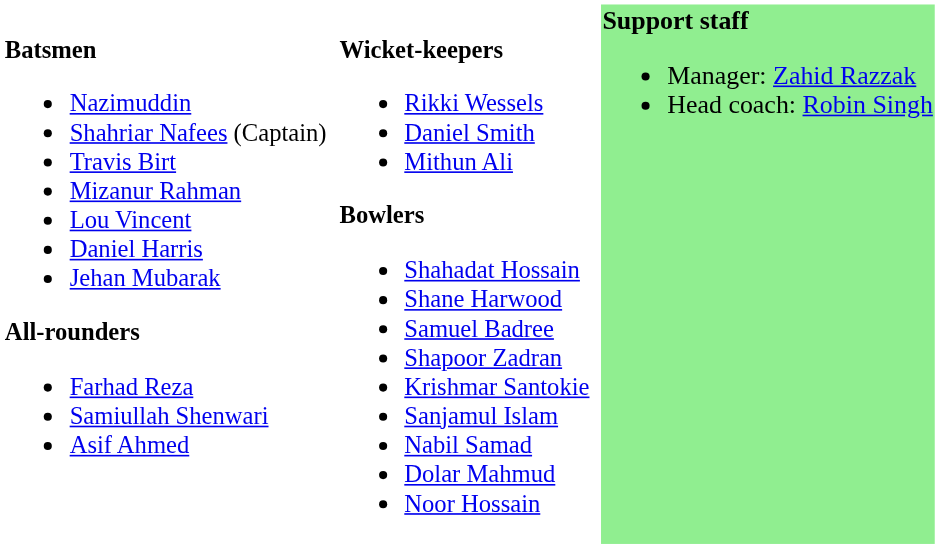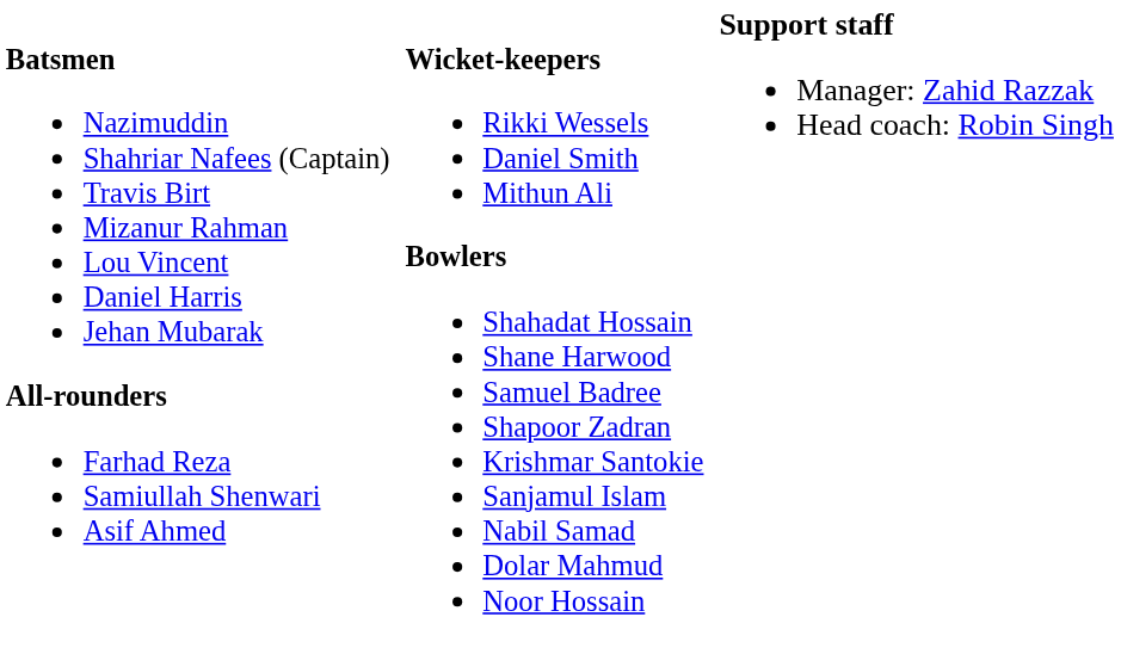 <table class="toccolours">
 <tr>
 </tr>
 <tr>
 <td style="font-size: 95%;" valign="top"><br><strong>Batsmen</strong><ul><li>  <a href='#'>Nazimuddin</a></li><li>  <a href='#'>Shahriar Nafees</a> (Captain)</li><li>  <a href='#'>Travis Birt</a></li><li>  <a href='#'>Mizanur Rahman</a></li><li>  <a href='#'>Lou Vincent</a></li><li>  <a href='#'>Daniel Harris</a></li><li>  <a href='#'>Jehan Mubarak</a></li></ul><strong>All-rounders</strong><ul><li>  <a href='#'>Farhad Reza</a></li><li>  <a href='#'>Samiullah Shenwari</a></li><li>  <a href='#'>Asif Ahmed</a></li></ul></td>
 <td></td>
 <td style="font-size: 95%;" valign="top"><br><strong>Wicket-keepers</strong><ul><li>  <a href='#'>Rikki Wessels</a></li><li>  <a href='#'>Daniel Smith</a></li><li>  <a href='#'>Mithun Ali</a></li></ul><strong>Bowlers</strong><ul><li>  <a href='#'>Shahadat Hossain</a></li><li>  <a href='#'>Shane Harwood</a></li><li>  <a href='#'>Samuel Badree</a></li><li>  <a href='#'>Shapoor Zadran</a></li><li>  <a href='#'>Krishmar Santokie</a></li><li>  <a href='#'>Sanjamul Islam</a></li><li>  <a href='#'>Nabil Samad</a></li><li>  <a href='#'>Dolar Mahmud</a></li><li>  <a href='#'>Noor Hossain</a></li></ul></td>
 <td></td>
-<td valign="top" style="background: lightgreen;"><strong>Support staff</strong><br><ul><li>Manager:   <a href='#'>Zahid Razzak</a></li><li>Head coach:  <a href='#'>Robin Singh</a></li></ul></td>
+<td valign="top"><strong>Support staff</strong><br><ul><li>Manager:   <a href='#'>Zahid Razzak</a></li><li>Head coach:  <a href='#'>Robin Singh</a></li></ul></td>
 </tr>
 </table>
